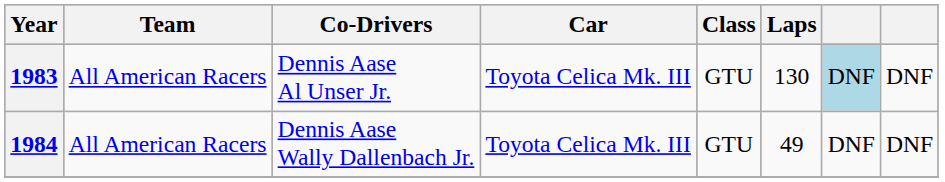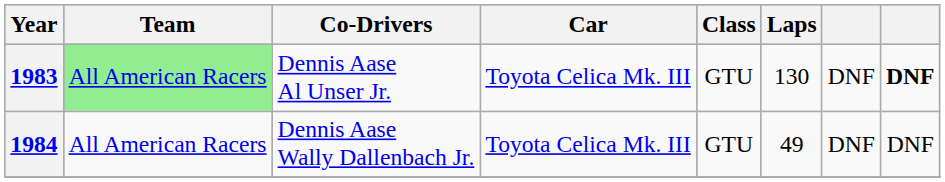 <table class="wikitable" style="text-align:center; font-size:90%">
 <tr>
 <th>Year</th>
 <th>Team</th>
 <th>Co-Drivers</th>
 <th>Car</th>
 <th>Class</th>
 <th>Laps</th>
 <th></th>
 <th></th>
 </tr>
 <tr>
 <th><a href='#'>1983</a></th>
-<td align="left"> <a href='#'>All American Racers</a></td>
+<td align="left" style="background: lightgreen;"> <a href='#'>All American Racers</a></td>
 <td align="left"> <a href='#'>Dennis Aase</a><br> <a href='#'>Al Unser Jr.</a></td>
 <td align="left"><a href='#'>Toyota Celica Mk. III</a></td>
 <td>GTU</td>
 <td>130</td>
-<td style="background: lightblue;">DNF</td>
 <td>DNF</td>
+<td><strong>DNF</strong></td>
 </tr>
 <tr>
 <th><a href='#'>1984</a></th>
 <td align="left"> <a href='#'>All American Racers</a></td>
 <td align="left"> <a href='#'>Dennis Aase</a><br> <a href='#'>Wally Dallenbach Jr.</a></td>
 <td align="left"><a href='#'>Toyota Celica Mk. III</a></td>
 <td>GTU</td>
 <td>49</td>
 <td>DNF</td>
 <td>DNF</td>
 </tr>
 <tr>
 </tr>
 </table>
